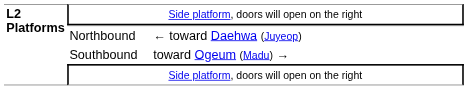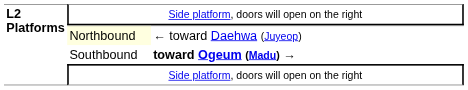 <table table border=0 cellspacing=0 cellpadding=3>
 <tr>
 <td style="border-top:solid 1px gray;border-bottom:solid 1px gray;" width=50 rowspan=10 valign=top><strong>L2<br>Platforms</strong></td>
 <td style="border-top:solid 1px gray;border-right:solid 2px black;border-left:solid 2px black;border-bottom:solid 2px black;text-align:center;" colspan=2><small><a href='#'>Side platform</a>, doors will open on the right </small></td>
 </tr>
 <tr>
-<td style="border-bottom:solid 0px gray;border-top:solid 1px gray;" width=100>Northbound</td>
+<td style="background: lightyellow; border-bottom:solid 0px gray;border-top:solid 1px gray;" width=100>Northbound</td>
 <td style="border-bottom:solid 0px gray;border-top:solid 1px gray;" width=390>←  toward <a href='#'>Daehwa</a> <small>(<a href='#'>Juyeop</a>)</small></td>
 </tr>
 <tr>
 <td>Southbound</td>
-<td>  toward <a href='#'>Ogeum</a> <small>(<a href='#'>Madu</a>)</small> →</td>
+<td><strong>  toward <a href='#'>Ogeum</a> <small>(<a href='#'>Madu</a>)</small> →</strong></td>
 </tr>
 <tr>
 <td style="border-top:solid 2px black;border-right:solid 2px black;border-left:solid 2px black;border-bottom:solid 1px gray;text-align:center;" colspan=2><small><a href='#'>Side platform</a>, doors will open on the right </small></td>
 </tr>
 </table>
